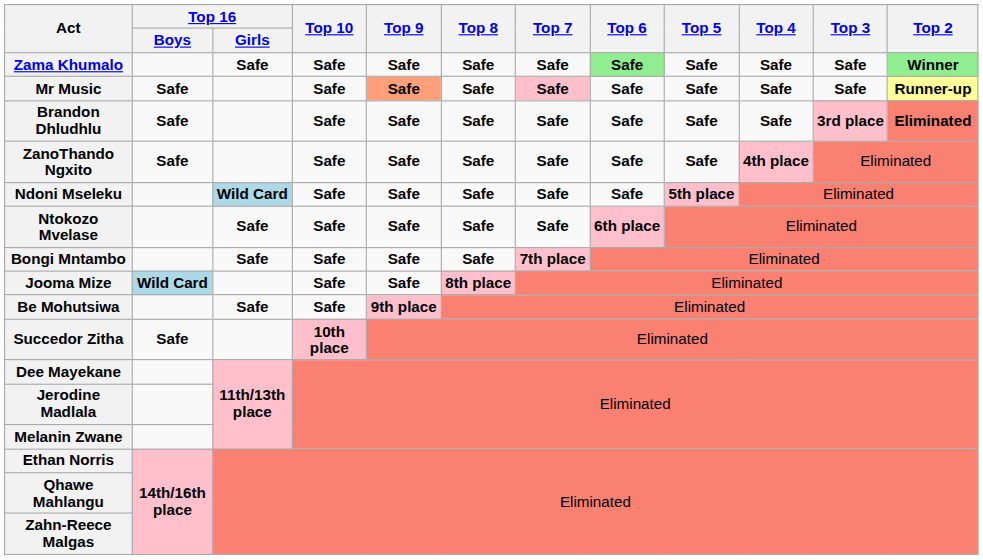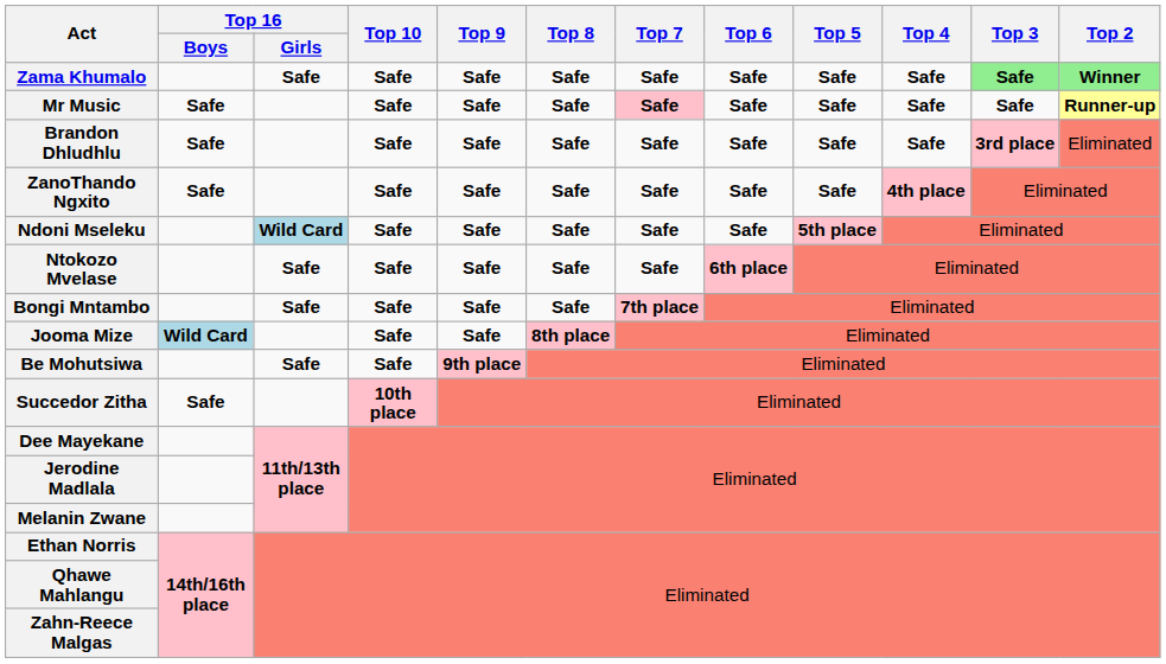 <table class="wikitable" style="text-align:center; font-size:85%">
 <tr>
 <th style="width:12%" rowspan="2"  scope="col">Act</th>
 <th style="width:7%" colspan="2" scope="col"><a href='#'>Top 16</a></th>
 <th style="width:7%" rowspan="2" scope="col"><a href='#'>Top 10</a></th>
 <th style="width:7%" rowspan="2" scope="col"><a href='#'>Top 9</a></th>
 <th style="width:7%" rowspan="2" scope="col"><a href='#'>Top 8</a></th>
 <th style="width:7%" rowspan="2" scope="col"><a href='#'>Top 7</a></th>
 <th style="width:7%" rowspan="2" scope="col"><a href='#'>Top 6</a></th>
 <th style="width:7%" rowspan="2" scope="col"><a href='#'>Top 5</a></th>
 <th style="width:7%" rowspan="2" scope="col"><a href='#'>Top 4</a></th>
 <th style="width:7%" rowspan="2" scope="col"><a href='#'>Top 3</a></th>
 <th style="width:7%" rowspan="2" scope="col"><a href='#'>Top 2</a></th>
 </tr>
 <tr>
 <th style="width:7%"><a href='#'>Boys</a></th>
 <th style="width:7%"><a href='#'>Girls</a></th>
 </tr>
 <tr>
 <th scope="row"><a href='#'>Zama Khumalo</a></th>
 <td></td>
 <td><strong>Safe</strong></td>
 <td><strong>Safe</strong></td>
 <td><strong>Safe</strong></td>
 <td><strong>Safe</strong></td>
 <td><strong>Safe</strong></td>
-<td style="background: lightgreen;"><strong>Safe</strong></td>
 <td><strong>Safe</strong></td>
 <td><strong>Safe</strong></td>
 <td><strong>Safe</strong></td>
+<td style="background: lightgreen;"><strong>Safe</strong></td>
 <td style="background:lightgreen"><strong>Winner</strong></td>
 </tr>
 <tr>
 <th scope="row">Mr Music</th>
 <td><strong>Safe</strong></td>
 <td></td>
 <td><strong>Safe</strong></td>
-<td style="background: lightsalmon;"><strong>Safe</strong></td>
+<td><strong>Safe</strong></td>
 <td><strong>Safe</strong></td>
 <td style="background: pink;"><strong>Safe</strong></td>
 <td><strong>Safe</strong></td>
 <td><strong>Safe</strong></td>
 <td><strong>Safe</strong></td>
 <td><strong>Safe</strong></td>
 <td style="background:#ff9"><strong>Runner-up</strong></td>
 </tr>
 <tr>
 <th scope="row">Brandon Dhludhlu</th>
 <td><strong>Safe</strong></td>
 <td></td>
 <td><strong>Safe</strong></td>
 <td><strong>Safe</strong></td>
 <td><strong>Safe</strong></td>
 <td><strong>Safe</strong></td>
 <td><strong>Safe</strong></td>
 <td><strong>Safe</strong></td>
 <td><strong>Safe</strong></td>
 <td style="background:pink"><strong>3rd place</strong></td>
-<td style="background:salmon"><strong>Eliminated</strong></td>
+<td style="background:salmon">Eliminated</td>
 </tr>
 <tr>
 <th scope="row">ZanoThando Ngxito</th>
 <td><strong>Safe</strong></td>
 <td></td>
 <td><strong>Safe</strong></td>
 <td><strong>Safe</strong></td>
 <td><strong>Safe</strong></td>
 <td><strong>Safe</strong></td>
 <td><strong>Safe</strong></td>
 <td><strong>Safe</strong></td>
 <td style="background:pink"><strong>4th place</strong></td>
 <td colspan="2" style="background:salmon">Eliminated</td>
 </tr>
 <tr>
 <th scope="row">Ndoni Mseleku</th>
 <td></td>
 <td style="background:#add8e6"><strong>Wild Card</strong></td>
 <td><strong>Safe</strong></td>
 <td><strong>Safe</strong></td>
 <td><strong>Safe</strong></td>
 <td><strong>Safe</strong></td>
 <td><strong>Safe</strong></td>
 <td style="background:pink"><strong>5th place</strong></td>
 <td colspan="3" style="background:salmon">Eliminated</td>
 </tr>
 <tr>
 <th scope="row">Ntokozo Mvelase</th>
 <td></td>
 <td><strong>Safe</strong></td>
 <td><strong>Safe</strong></td>
 <td><strong>Safe</strong></td>
 <td><strong>Safe</strong></td>
 <td><strong>Safe</strong></td>
 <td style="background:pink"><strong>6th place</strong></td>
 <td colspan="4" style="background:salmon">Eliminated</td>
 </tr>
 <tr>
 <th scope="row">Bongi Mntambo</th>
 <td></td>
 <td><strong>Safe</strong></td>
 <td><strong>Safe</strong></td>
 <td><strong>Safe</strong></td>
 <td><strong>Safe</strong></td>
 <td style="background:pink"><strong>7th place</strong></td>
 <td colspan="5" style="background:salmon">Eliminated</td>
 </tr>
 <tr>
 <th scope="row">Jooma Mize</th>
 <td style="background:#add8e6"><strong>Wild Card</strong></td>
 <td></td>
 <td><strong>Safe</strong></td>
 <td><strong>Safe</strong></td>
 <td style="background:pink"><strong>8th place</strong></td>
 <td colspan="8" style="background:salmon">Eliminated</td>
 </tr>
 <tr>
 <th scope="row">Be Mohutsiwa</th>
 <td></td>
 <td><strong>Safe</strong></td>
 <td><strong>Safe</strong></td>
 <td style="background:pink"><strong>9th place</strong></td>
 <td colspan="9" style="background:salmon">Eliminated</td>
 </tr>
 <tr>
 <th scope="row">Succedor Zitha</th>
 <td><strong>Safe</strong></td>
 <td></td>
 <td style="background:pink"><strong>10th place</strong></td>
 <td colspan="10" style="background:salmon">Eliminated</td>
 </tr>
 <tr>
 <th scope="row">Dee Mayekane</th>
 <td></td>
 <td rowspan="3" style="background:pink"><strong>11th/13th place</strong></td>
 <td colspan="11" rowspan="3" style="background:salmon">Eliminated</td>
 </tr>
 <tr>
 <th scope="row">Jerodine Madlala</th>
 <td></td>
 </tr>
 <tr>
 <th scope="row">Melanin Zwane</th>
 <td></td>
 </tr>
 <tr>
 <th scope="row">Ethan Norris</th>
 <td rowspan="3" style="background:pink"><strong>14th/16th place</strong></td>
 <td colspan="12" rowspan="3" style="background:salmon">Eliminated</td>
 </tr>
 <tr>
 <th scope="row">Qhawe Mahlangu</th>
 </tr>
 <tr>
 <th scope="row">Zahn-Reece Malgas</th>
 </tr>
 </table>
